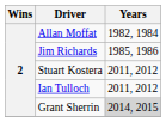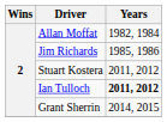 <table class="wikitable" style="font-size: 95%;">
 <tr>
 <th>Wins</th>
 <th>Driver</th>
 <th>Years</th>
 </tr>
 <tr>
 <th rowspan="5">2</th>
 <td> <a href='#'>Allan Moffat</a></td>
 <td>1982, 1984</td>
 </tr>
 <tr>
 <td> <a href='#'>Jim Richards</a></td>
 <td>1985, 1986</td>
 </tr>
 <tr>
 <td> Stuart Kostera</td>
 <td>2011, 2012</td>
 </tr>
 <tr>
 <td> <a href='#'>Ian Tulloch</a></td>
-<td>2011, 2012</td>
+<td><strong>2011, 2012</strong></td>
 </tr>
 <tr>
 <td> Grant Sherrin</td>
-<td style="background: lightgrey;">2014, 2015</td>
+<td>2014, 2015</td>
 </tr>
 <tr>
 </tr>
 </table>
